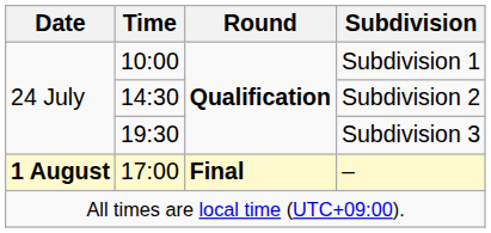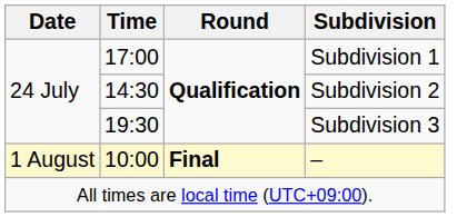 <table class="wikitable">
 <tr>
 <th>Date</th>
 <th>Time</th>
 <th>Round</th>
 <th>Subdivision</th>
 </tr>
 <tr>
 <td rowspan=3>24 July</td>
-<td>10:00</td>
+<td>17:00</td>
 <td rowspan=3><strong>Qualification</strong></td>
 <td>Subdivision 1</td>
 </tr>
 <tr>
 <td>14:30</td>
 <td>Subdivision 2</td>
 </tr>
 <tr>
 <td>19:30</td>
 <td>Subdivision 3</td>
 </tr>
 <tr style=background:lemonchiffon>
-<td><strong>1 August</strong></td>
-<td>17:00</td>
+<td>1 August</td>
+<td>10:00</td>
 <td><strong>Final</strong></td>
 <td>–</td>
 </tr>
 <tr>
 <td colspan=4 align=center><small>All times are <a href='#'>local time</a> (<a href='#'>UTC+09:00</a>).</small></td>
 </tr>
 </table>
